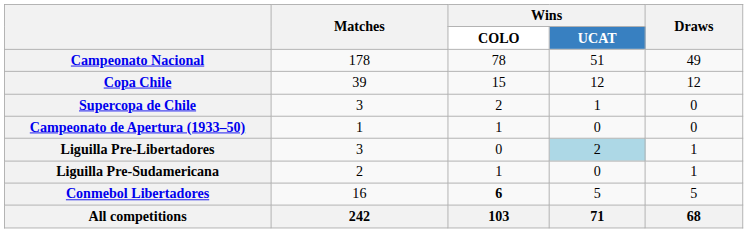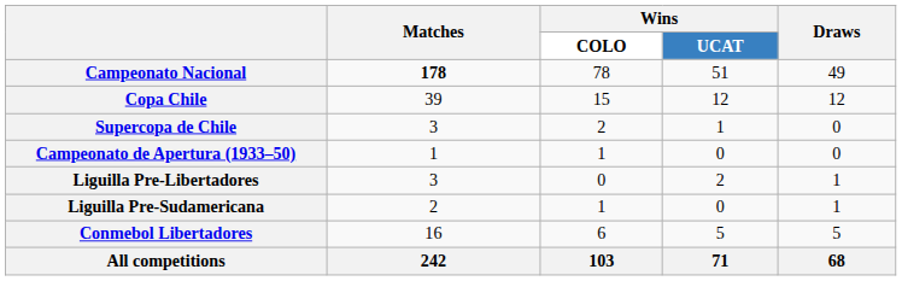 <table class="wikitable sortable" style="text-align:center; width:95%;">
 <tr>
 <th rowspan="2"  style="width:15%;"></th>
 <th rowspan="2"  style="width:10%;">Matches</th>
 <th colspan="2"  style="width:10%;">Wins</th>
 <th rowspan="2"  style="width:5%;">Draws</th>
 </tr>
 <tr>
 <th style="color:#000; background:#fff;">COLO</th>
 <th style="color:#fff; background:#3880c1;">UCAT</th>
 </tr>
 <tr>
 <th scope=row><a href='#'>Campeonato Nacional</a></th>
-<td>178</td>
+<td><strong>178</strong></td>
 <td>78</td>
 <td>51</td>
 <td>49</td>
 </tr>
 <tr>
 <th scope=row><a href='#'>Copa Chile</a></th>
 <td>39</td>
 <td>15</td>
 <td>12</td>
 <td>12</td>
 </tr>
 <tr>
 <th scope=row><a href='#'>Supercopa de Chile</a></th>
 <td>3</td>
 <td>2</td>
 <td>1</td>
 <td>0</td>
 </tr>
 <tr>
 <th scope=row><a href='#'>Campeonato de Apertura (1933–50)</a></th>
 <td>1</td>
 <td>1</td>
 <td>0</td>
 <td>0</td>
 </tr>
 <tr>
 <th scope=row>Liguilla Pre-Libertadores</th>
 <td>3</td>
 <td>0</td>
-<td style="background: lightblue;">2</td>
+<td>2</td>
 <td>1</td>
 </tr>
 <tr>
 <th scope=row>Liguilla Pre-Sudamericana</th>
 <td>2</td>
 <td>1</td>
 <td>0</td>
 <td>1</td>
 </tr>
 <tr>
 <th scope=row><a href='#'>Conmebol Libertadores</a></th>
 <td>16</td>
-<td><strong>6</strong></td>
+<td>6</td>
 <td>5</td>
 <td>5</td>
 </tr>
 <tr>
 <th scope=row>All competitions</th>
 <th>242</th>
 <th>103</th>
 <th>71</th>
 <th>68</th>
 </tr>
 </table>
